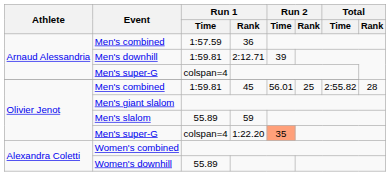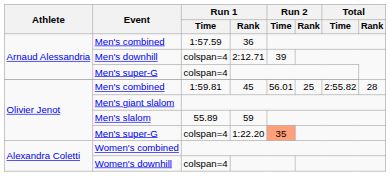 <table class="wikitable" style="font-size:90%">
 <tr>
 <th rowspan=2>Athlete</th>
 <th rowspan=2>Event</th>
 <th colspan=2>Run 1</th>
 <th colspan=2>Run 2</th>
 <th colspan=2>Total</th>
 </tr>
 <tr style="font-size:95%">
 <th>Time</th>
 <th>Rank</th>
 <th>Time</th>
 <th>Rank</th>
 <th>Time</th>
 <th>Rank</th>
 </tr>
 <tr align=center>
 <td align=left rowspan=3><a href='#'>Arnaud Alessandria</a></td>
 <td align=left><a href='#'>Men's combined</a></td>
 <td>1:57.59</td>
 <td>36</td>
 <td colspan="4"></td>
 </tr>
 <tr align=center>
 <td align=left><a href='#'>Men's downhill</a></td>
-<td>1:59.81</td>
+<td>colspan=4 </td>
 <td>2:12.71</td>
 <td>39</td>
 </tr>
 <tr align=center>
 <td align=left><a href='#'>Men's super-G</a></td>
 <td>colspan=4 </td>
 <td colspan="4"></td>
 </tr>
 <tr align=center>
 </tr>
 <tr align=center>
 <td align=left rowspan=4><a href='#'>Olivier Jenot</a></td>
 <td align=left><a href='#'>Men's combined</a></td>
 <td>1:59.81</td>
 <td>45</td>
 <td>56.01</td>
 <td>25</td>
 <td>2:55.82</td>
 <td>28</td>
 </tr>
 <tr align=center>
 <td align=left><a href='#'>Men's giant slalom</a></td>
 <td colspan="6"></td>
 </tr>
 <tr align=center>
 <td align=left><a href='#'>Men's slalom</a></td>
 <td>55.89</td>
 <td>59</td>
 <td colspan=4></td>
 </tr>
 <tr align=center>
 <td align=left><a href='#'>Men's super-G</a></td>
 <td>colspan=4 </td>
 <td>1:22.20</td>
 <td style="background: lightsalmon;">35</td>
 </tr>
 <tr align=center>
 <td align=left rowspan=2><a href='#'>Alexandra Coletti</a></td>
 <td align=left><a href='#'>Women's combined</a></td>
 <td colspan=6></td>
 </tr>
 <tr align=center>
 <td align=left><a href='#'>Women's downhill</a></td>
-<td>55.89</td>
+<td>colspan=4 </td>
 <td colspan=2></td>
 </tr>
 </table>
